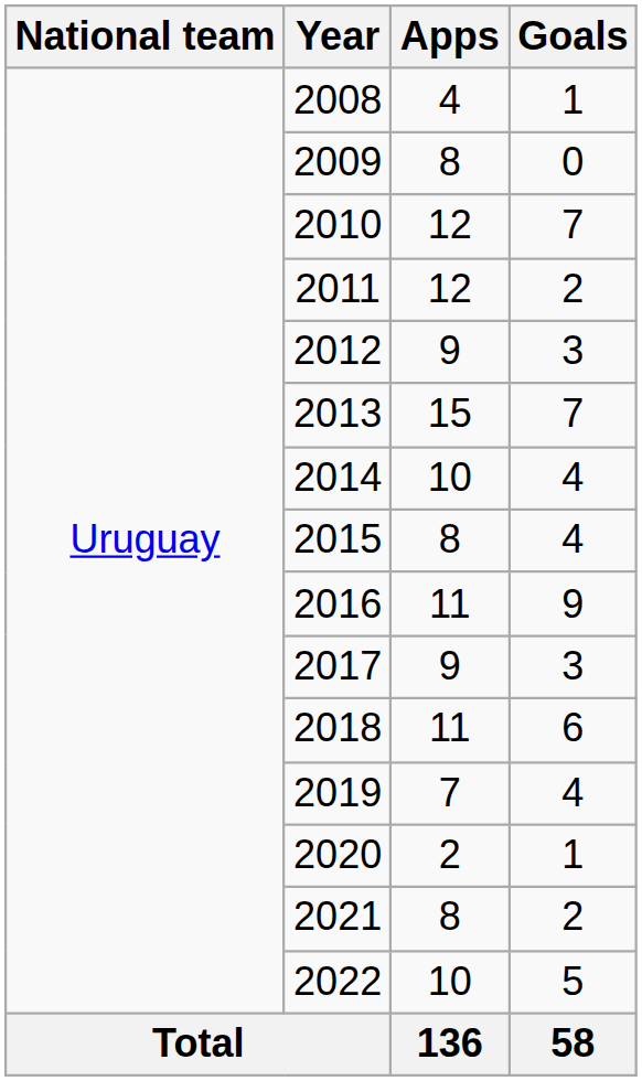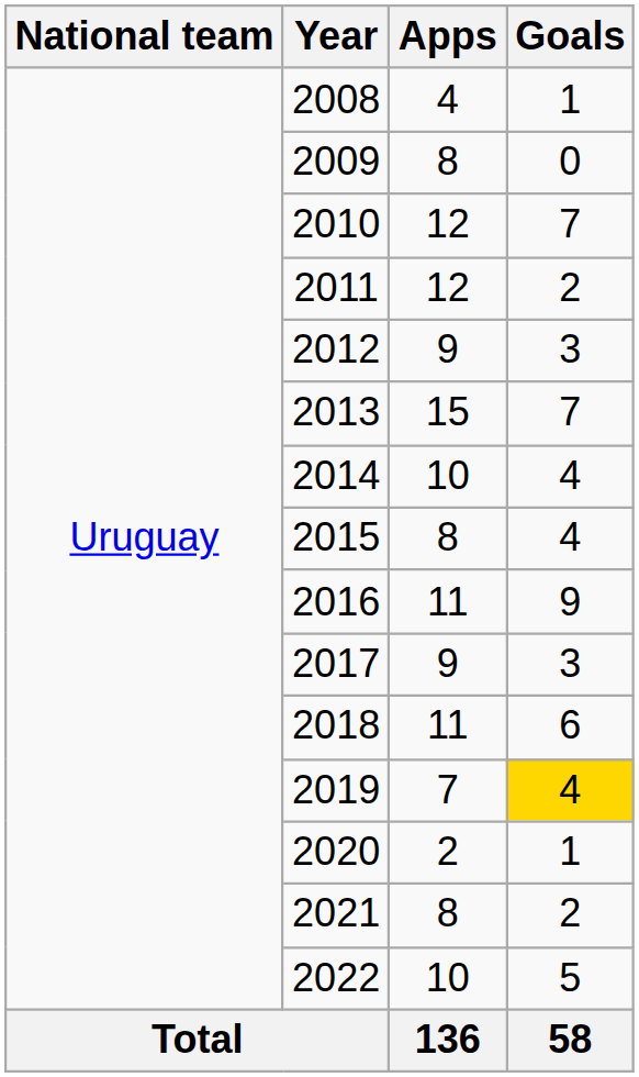 <table class="wikitable" style="text-align:center">
 <tr>
 <th>National team</th>
 <th>Year</th>
 <th>Apps</th>
 <th>Goals</th>
 </tr>
 <tr>
 <td rowspan="15"><a href='#'>Uruguay</a></td>
 <td>2008</td>
 <td>4</td>
 <td>1</td>
 </tr>
 <tr>
 <td>2009</td>
 <td>8</td>
 <td>0</td>
 </tr>
 <tr>
 <td>2010</td>
 <td>12</td>
 <td>7</td>
 </tr>
 <tr>
 <td>2011</td>
 <td>12</td>
 <td>2</td>
 </tr>
 <tr>
 <td>2012</td>
 <td>9</td>
 <td>3</td>
 </tr>
 <tr>
 <td>2013</td>
 <td>15</td>
 <td>7</td>
 </tr>
 <tr>
 <td>2014</td>
 <td>10</td>
 <td>4</td>
 </tr>
 <tr>
 <td>2015</td>
 <td>8</td>
 <td>4</td>
 </tr>
 <tr>
 <td>2016</td>
 <td>11</td>
 <td>9</td>
 </tr>
 <tr>
 <td>2017</td>
 <td>9</td>
 <td>3</td>
 </tr>
 <tr>
 <td>2018</td>
 <td>11</td>
 <td>6</td>
 </tr>
 <tr>
 <td>2019</td>
 <td>7</td>
-<td>4</td>
+<td style="background: gold;">4</td>
 </tr>
 <tr>
 <td>2020</td>
 <td>2</td>
 <td>1</td>
 </tr>
 <tr>
 <td>2021</td>
 <td>8</td>
 <td>2</td>
 </tr>
 <tr>
 <td>2022</td>
 <td>10</td>
 <td>5</td>
 </tr>
 <tr>
 <th colspan="2">Total</th>
 <th>136</th>
 <th>58</th>
 </tr>
 </table>
